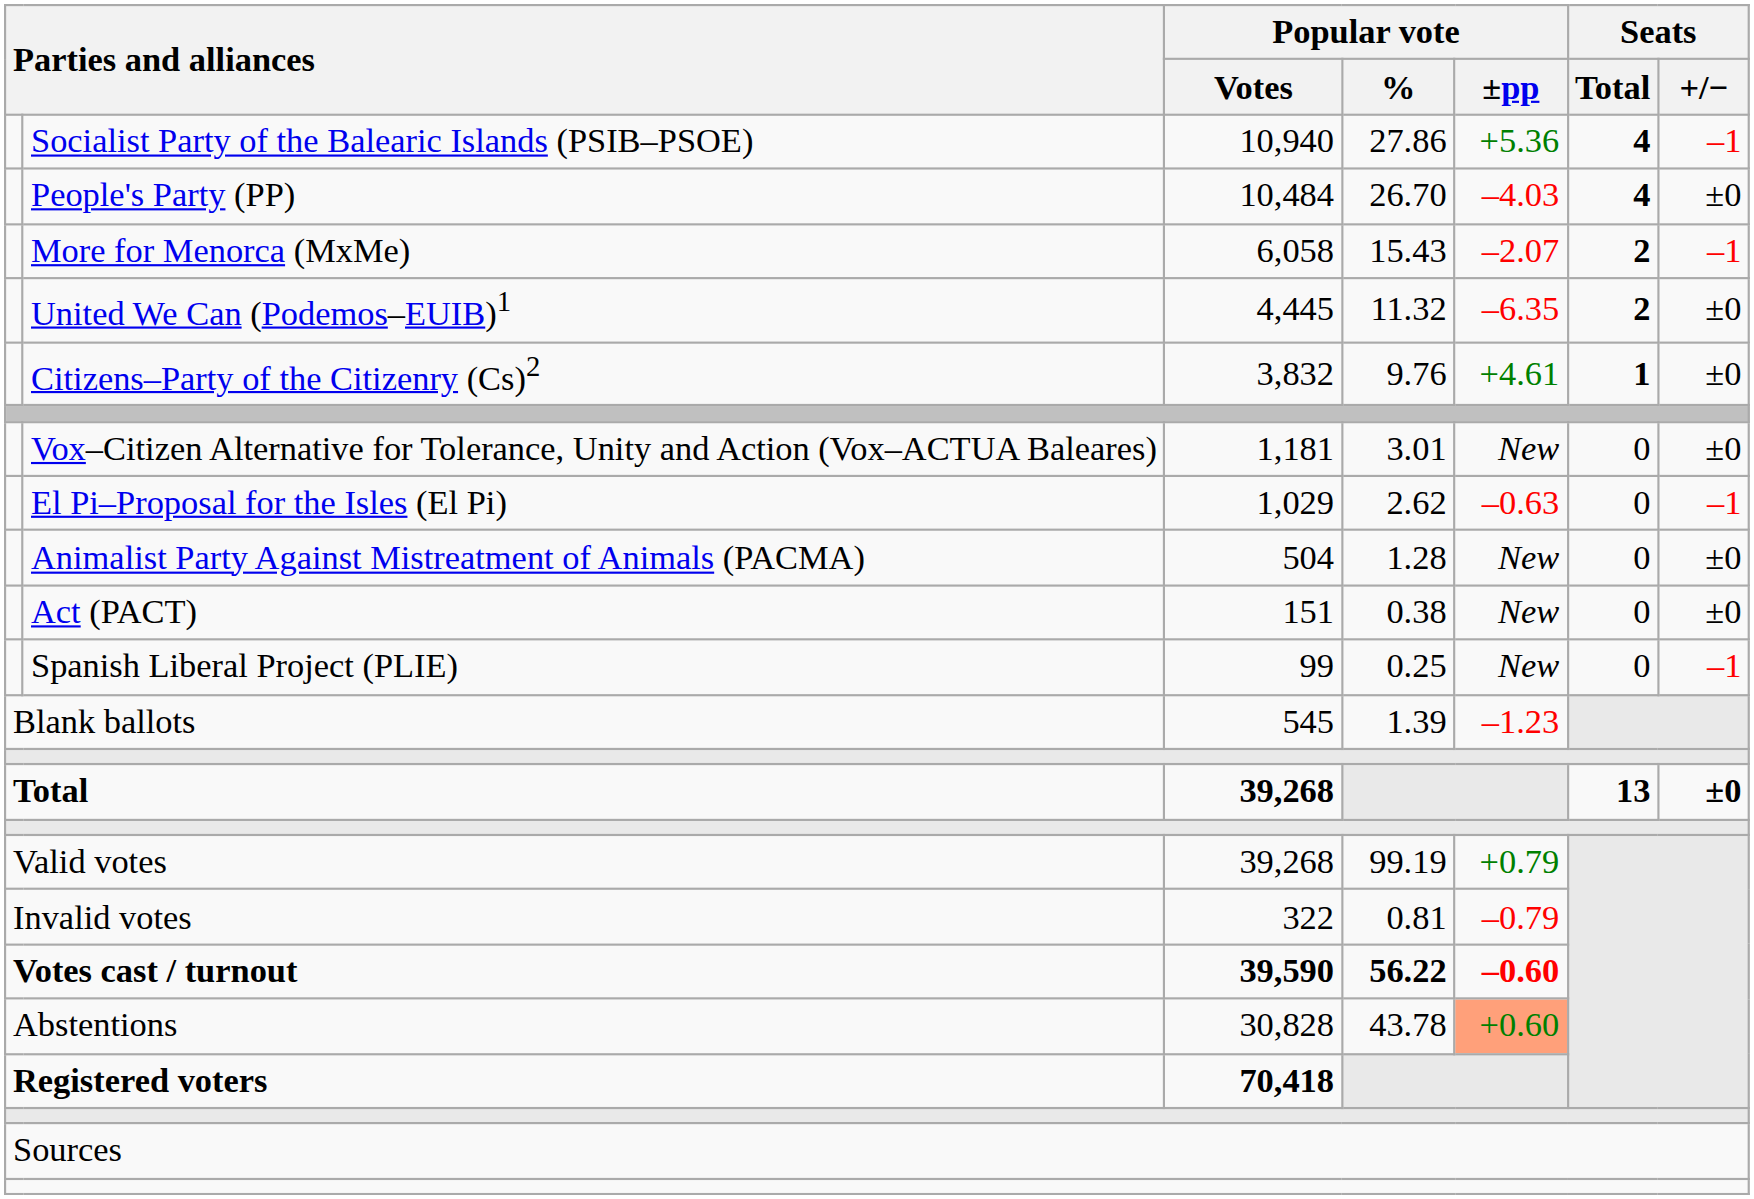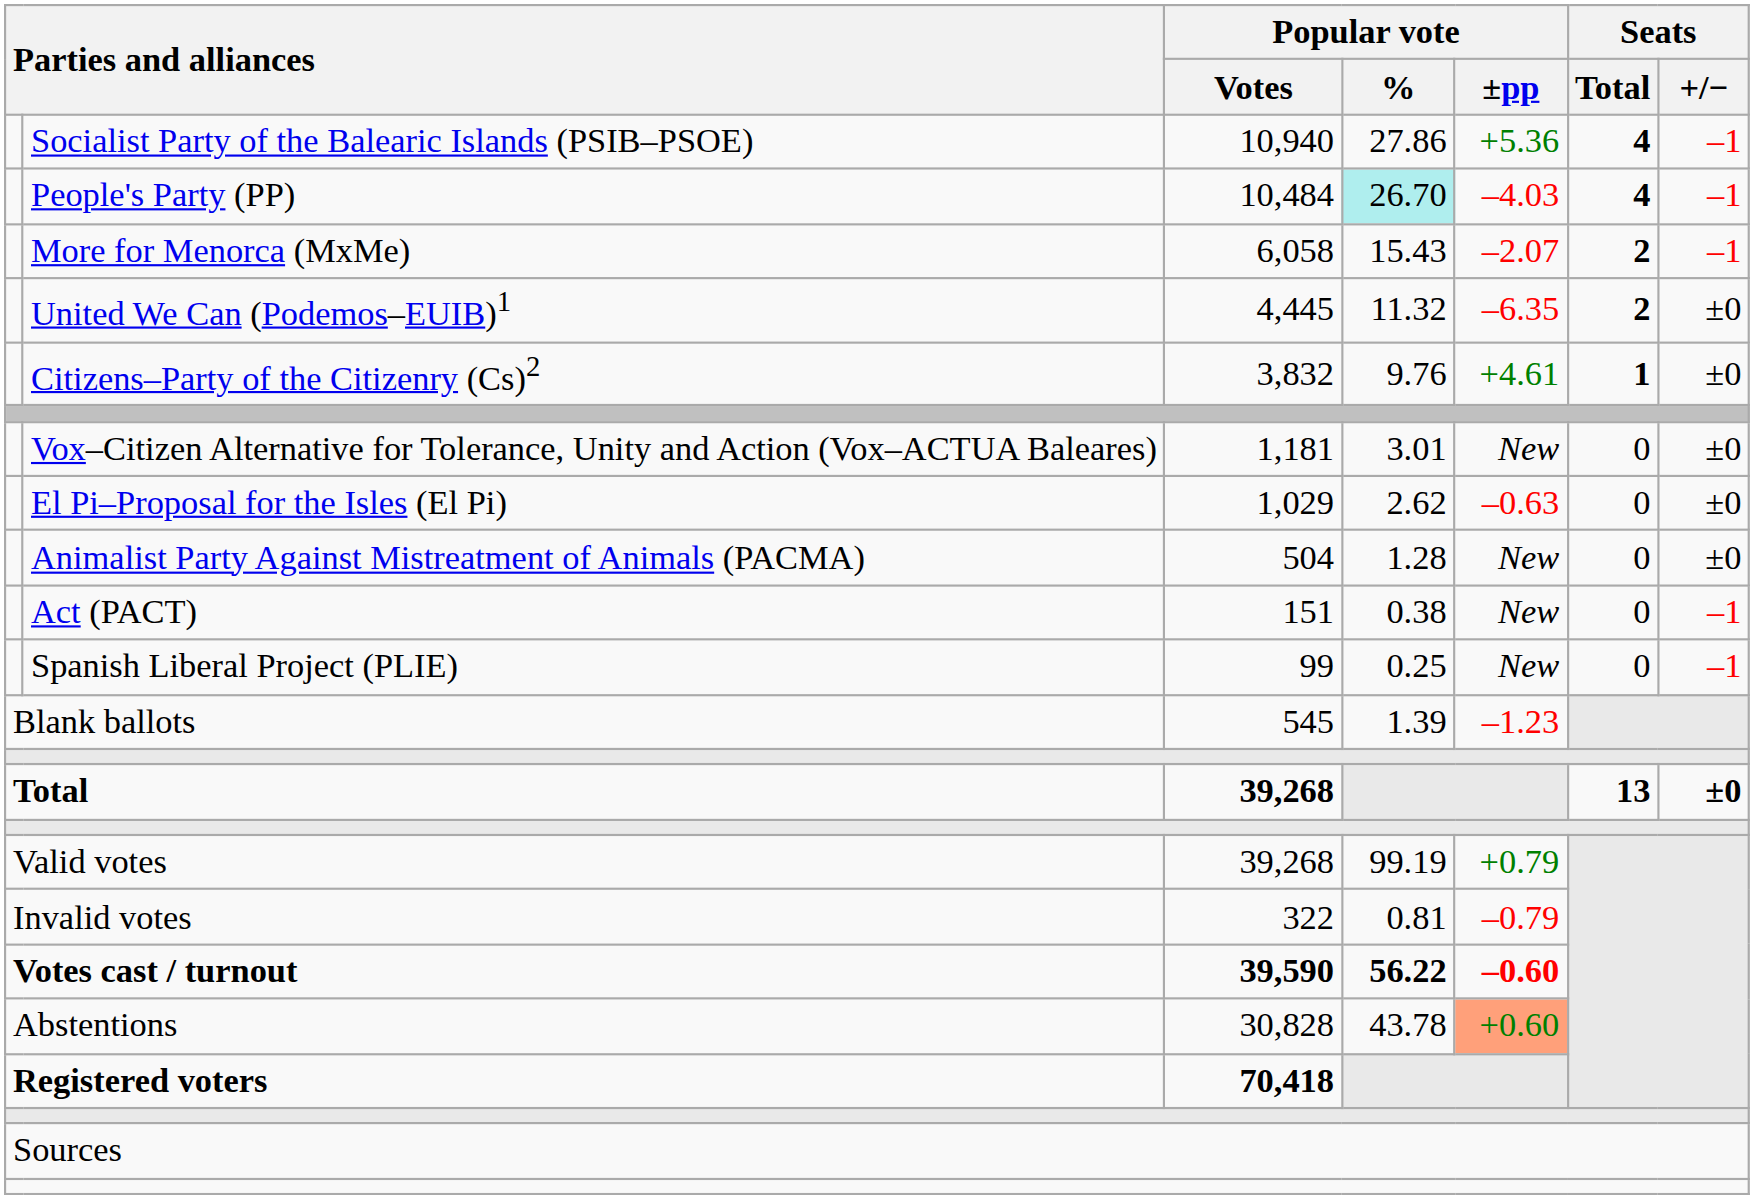 <table class="wikitable" style="text-align:right;">
 <tr>
 <th style="text-align:left;" rowspan="2" colspan="2" width="525">Parties and alliances</th>
 <th colspan="3">Popular vote</th>
 <th colspan="2">Seats</th>
 </tr>
 <tr>
 <th width="75">Votes</th>
 <th width="45">%</th>
 <th width="45">±<a href='#'>pp</a></th>
 <th width="35">Total</th>
 <th width="35">+/−</th>
 </tr>
 <tr>
 <td width="1" style="color:inherit;background:"></td>
 <td align="left"><a href='#'>Socialist Party of the Balearic Islands</a> (PSIB–PSOE)</td>
 <td>10,940</td>
 <td>27.86</td>
 <td style="color:green;">+5.36</td>
 <td><strong>4</strong></td>
 <td style="color:red;">–1</td>
 </tr>
 <tr>
 <td style="color:inherit;background:"></td>
 <td align="left"><a href='#'>People's Party</a> (PP)</td>
 <td>10,484</td>
-<td>26.70</td>
+<td style="background: paleturquoise;">26.70</td>
 <td style="color:red;">–4.03</td>
 <td><strong>4</strong></td>
-<td>±0</td>
+<td style="color:red;">–1</td>
 </tr>
 <tr>
 <td style="color:inherit;background:"></td>
 <td align="left"><a href='#'>More for Menorca</a> (MxMe)</td>
 <td>6,058</td>
 <td>15.43</td>
 <td style="color:red;">–2.07</td>
 <td><strong>2</strong></td>
 <td style="color:red;">–1</td>
 </tr>
 <tr>
 <td style="color:inherit;background:"></td>
 <td align="left"><a href='#'>United We Can</a> (<a href='#'>Podemos</a>–<a href='#'>EUIB</a>)<sup>1</sup></td>
 <td>4,445</td>
 <td>11.32</td>
 <td style="color:red;">–6.35</td>
 <td><strong>2</strong></td>
 <td>±0</td>
 </tr>
 <tr>
 <td style="color:inherit;background:"></td>
 <td align="left"><a href='#'>Citizens–Party of the Citizenry</a> (Cs)<sup>2</sup></td>
 <td>3,832</td>
 <td>9.76</td>
 <td style="color:green;">+4.61</td>
 <td><strong>1</strong></td>
 <td>±0</td>
 </tr>
 <tr>
 <td colspan="7" bgcolor="#C0C0C0"></td>
 </tr>
 <tr>
 <td style="color:inherit;background:"></td>
 <td align="left"><a href='#'>Vox</a>–Citizen Alternative for Tolerance, Unity and Action (Vox–ACTUA Baleares)</td>
 <td>1,181</td>
 <td>3.01</td>
 <td><em>New</em></td>
 <td>0</td>
 <td>±0</td>
 </tr>
 <tr>
 <td style="color:inherit;background:"></td>
 <td align="left"><a href='#'>El Pi–Proposal for the Isles</a> (El Pi)</td>
 <td>1,029</td>
 <td>2.62</td>
 <td style="color:red;">–0.63</td>
 <td>0</td>
-<td style="color:red;">–1</td>
+<td>±0</td>
 </tr>
 <tr>
 <td style="color:inherit;background:"></td>
 <td align="left"><a href='#'>Animalist Party Against Mistreatment of Animals</a> (PACMA)</td>
 <td>504</td>
 <td>1.28</td>
 <td><em>New</em></td>
 <td>0</td>
 <td>±0</td>
 </tr>
 <tr>
 <td style="color:inherit;background:"></td>
 <td align="left"><a href='#'>Act</a> (PACT)</td>
 <td>151</td>
 <td>0.38</td>
 <td><em>New</em></td>
 <td>0</td>
-<td>±0</td>
+<td style="color:red;">–1</td>
 </tr>
 <tr>
 <td style="color:inherit;background:"></td>
 <td align="left">Spanish Liberal Project (PLIE)</td>
 <td>99</td>
 <td>0.25</td>
 <td><em>New</em></td>
 <td>0</td>
 <td style="color:red;">–1</td>
 </tr>
 <tr>
 <td align="left" colspan="2">Blank ballots</td>
 <td>545</td>
 <td>1.39</td>
 <td style="color:red;">–1.23</td>
 <td bgcolor="#E9E9E9" colspan="2"></td>
 </tr>
 <tr>
 <td colspan="7" bgcolor="#E9E9E9"></td>
 </tr>
 <tr style="font-weight:bold;">
 <td align="left" colspan="2">Total</td>
 <td>39,268</td>
 <td bgcolor="#E9E9E9" colspan="2"></td>
 <td>13</td>
 <td>±0</td>
 </tr>
 <tr>
 <td colspan="7" bgcolor="#E9E9E9"></td>
 </tr>
 <tr>
 <td align="left" colspan="2">Valid votes</td>
 <td>39,268</td>
 <td>99.19</td>
 <td style="color:green;">+0.79</td>
 <td bgcolor="#E9E9E9" colspan="2" rowspan="5"></td>
 </tr>
 <tr>
 <td align="left" colspan="2">Invalid votes</td>
 <td>322</td>
 <td>0.81</td>
 <td style="color:red;">–0.79</td>
 </tr>
 <tr style="font-weight:bold;">
 <td align="left" colspan="2">Votes cast / turnout</td>
 <td>39,590</td>
 <td>56.22</td>
 <td style="color:red;">–0.60</td>
 </tr>
 <tr>
 <td align="left" colspan="2">Abstentions</td>
 <td>30,828</td>
 <td>43.78</td>
 <td style="background: lightsalmon; color:green;">+0.60</td>
 </tr>
 <tr style="font-weight:bold;">
 <td align="left" colspan="2">Registered voters</td>
 <td>70,418</td>
 <td bgcolor="#E9E9E9" colspan="2"></td>
 </tr>
 <tr>
 <td colspan="7" bgcolor="#E9E9E9"></td>
 </tr>
 <tr>
 <td align="left" colspan="7">Sources</td>
 </tr>
 <tr>
 <td colspan="7" style="text-align:left; max-width:790px;"></td>
 </tr>
 </table>
